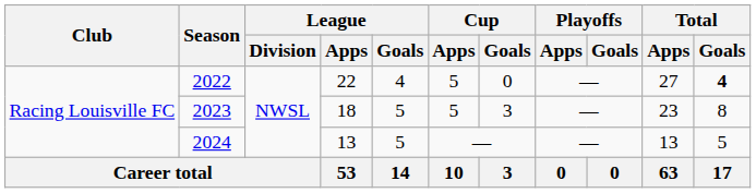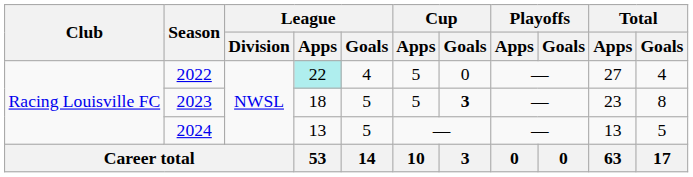 <table class="wikitable" style="text-align:center">
 <tr>
 <th rowspan="2">Club</th>
 <th rowspan="2">Season</th>
 <th colspan="3">League</th>
 <th colspan="2">Cup</th>
 <th colspan="2">Playoffs</th>
 <th colspan="2">Total</th>
 </tr>
 <tr>
 <th>Division</th>
 <th>Apps</th>
 <th>Goals</th>
 <th>Apps</th>
 <th>Goals</th>
 <th>Apps</th>
 <th>Goals</th>
 <th>Apps</th>
 <th>Goals</th>
 </tr>
 <tr>
 <td rowspan="3"><a href='#'>Racing Louisville FC</a></td>
 <td><a href='#'>2022</a></td>
 <td rowspan="3"><a href='#'>NWSL</a></td>
-<td>22</td>
+<td style="background: paleturquoise;">22</td>
 <td>4</td>
 <td>5</td>
 <td>0</td>
 <td colspan="2">—</td>
 <td>27</td>
-<td><strong>4</strong></td>
+<td>4</td>
 </tr>
 <tr>
 <td><a href='#'>2023</a></td>
 <td>18</td>
 <td>5</td>
 <td>5</td>
-<td>3</td>
+<td><strong>3</strong></td>
 <td colspan="2">—</td>
 <td>23</td>
 <td>8</td>
 </tr>
 <tr>
 <td><a href='#'>2024</a></td>
 <td>13</td>
 <td>5</td>
 <td colspan="2">—</td>
 <td colspan="2">—</td>
 <td>13</td>
 <td>5</td>
 </tr>
 <tr>
 <th colspan="3">Career total</th>
 <th>53</th>
 <th>14</th>
 <th>10</th>
 <th>3</th>
 <th>0</th>
 <th>0</th>
 <th>63</th>
 <th>17</th>
 </tr>
 </table>
